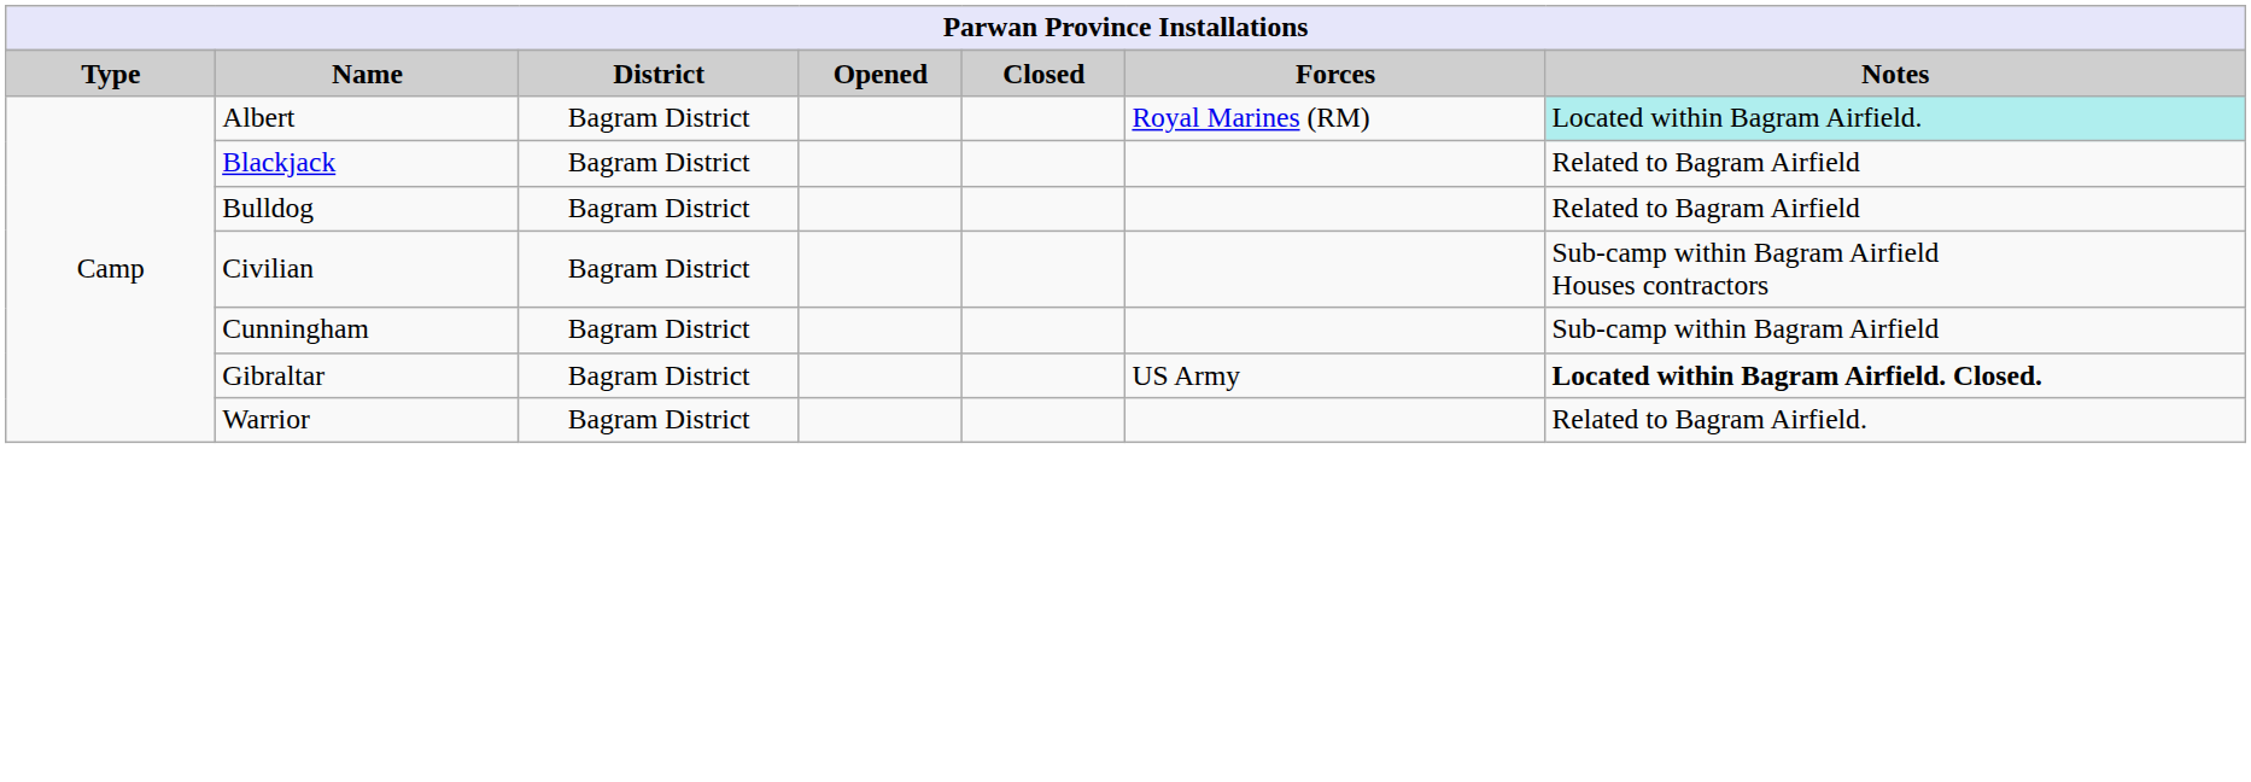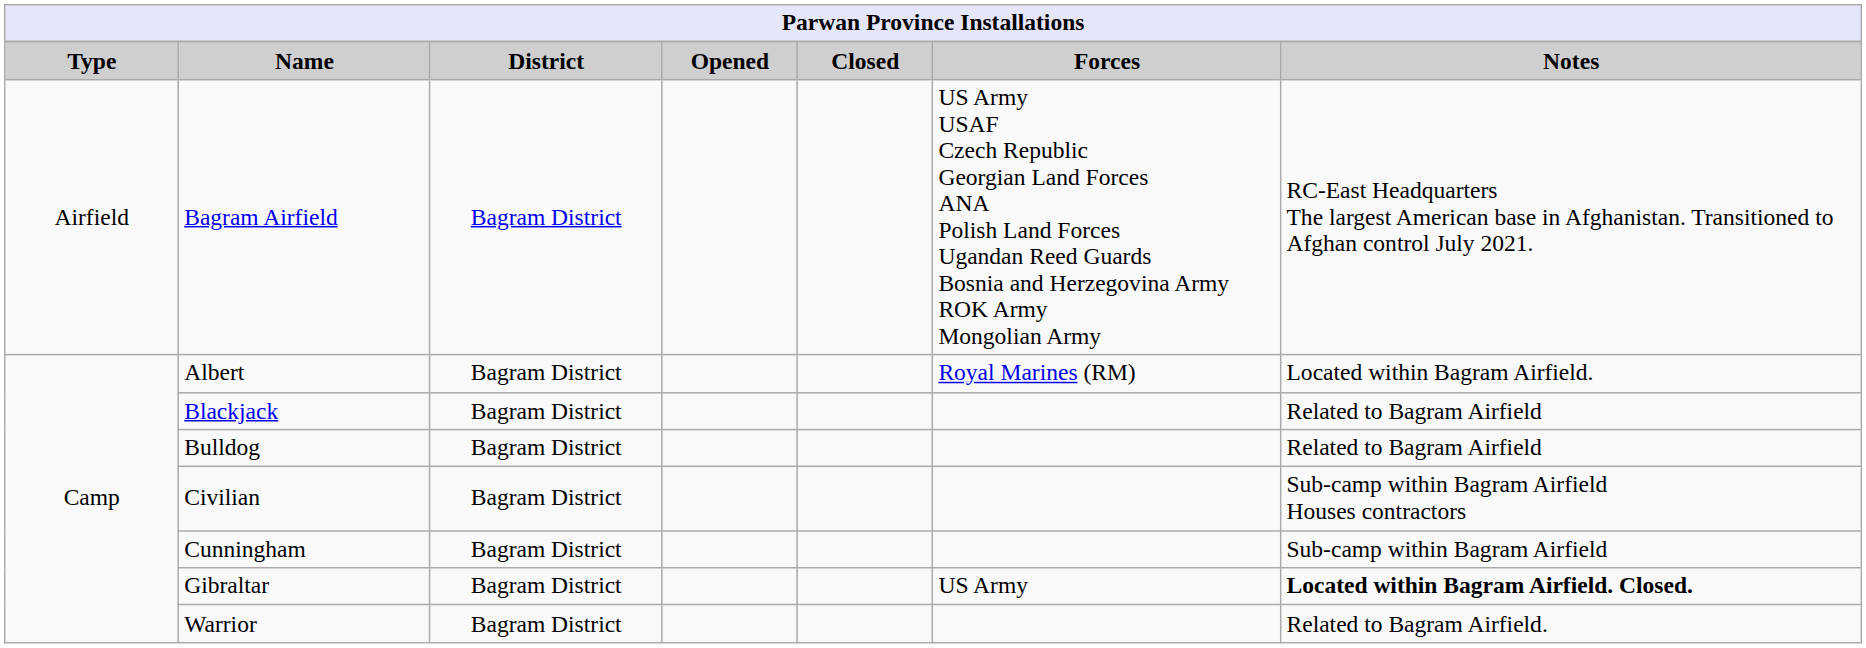 <table class="wikitable sortable" width="100%">
 <tr>
 <th style="align: center; background: lavender" colspan="7"><strong>Parwan Province Installations</strong></th>
 </tr>
 <tr style="background:#efefef; color:black">
 </tr>
 <tr>
 <th style="background-color:#cfcfcf;" align="center" width="9%" align="center">Type</th>
 <th style="background-color:#cfcfcf;" align="center" width="13%">Name</th>
 <th style="background-color:#cfcfcf;" align="center" width="12%">District</th>
 <th style="background-color:#cfcfcf;" align="center" width="7%">Opened</th>
 <th style="background-color:#cfcfcf;" align="center" width="7%">Closed</th>
 <th style="background-color:#cfcfcf;" align="center" width="18%" class="unsortable">Forces</th>
 <th style="background-color:#cfcfcf;" align="center" width="30%" class="unsortable">Notes</th>
 </tr>
 <tr>
+<td align="center">Airfield</td>
+<td><a href='#'>Bagram Airfield</a></td>
+<td align="center"><a href='#'>Bagram District</a></td>
+<td align="center"></td>
+<td align="center"></td>
+<td> US Army<br> USAF<br> Czech Republic<br> Georgian Land Forces<br> ANA<br> Polish Land Forces<br> Ugandan Reed Guards<br> Bosnia and Herzegovina Army<br>  ROK Army<br>  Mongolian Army</td>
+<td>RC-East Headquarters<br>The largest American base in Afghanistan. Transitioned to Afghan control July 2021.</td>
+</tr>
+<tr>
 <td rowspan="7" align="center">Camp</td>
 <td>Albert</td>
 <td align="center">Bagram District</td>
 <td align="center"></td>
 <td align="center"></td>
 <td> <a href='#'>Royal Marines</a> (RM)</td>
-<td style="background: paleturquoise;">Located within Bagram Airfield.</td>
+<td>Located within Bagram Airfield.</td>
 </tr>
 <tr>
 <td><a href='#'>Blackjack</a></td>
 <td align="center">Bagram District</td>
 <td align="center"></td>
 <td align="center"></td>
 <td></td>
 <td>Related to Bagram Airfield</td>
 </tr>
 <tr>
 <td>Bulldog</td>
 <td align="center">Bagram District</td>
 <td align="center"></td>
 <td align="center"></td>
 <td></td>
 <td>Related to Bagram Airfield</td>
 </tr>
 <tr>
 <td>Civilian</td>
 <td align="center">Bagram District</td>
 <td align="center"></td>
 <td align="center"></td>
 <td></td>
 <td>Sub-camp within Bagram Airfield<br>Houses contractors</td>
 </tr>
 <tr>
 <td>Cunningham</td>
 <td align="center">Bagram District</td>
 <td align="center"></td>
 <td align="center"></td>
 <td></td>
 <td>Sub-camp within Bagram Airfield</td>
 </tr>
 <tr>
 <td>Gibraltar</td>
 <td align="center">Bagram District</td>
 <td align="center"></td>
 <td align="center"></td>
 <td> US Army</td>
 <td><strong>Located within Bagram Airfield. Closed.</strong></td>
 </tr>
 <tr>
 <td>Warrior</td>
 <td align="center">Bagram District</td>
 <td align="center"></td>
 <td align="center"></td>
 <td></td>
 <td>Related to Bagram Airfield.</td>
 </tr>
 </table>
